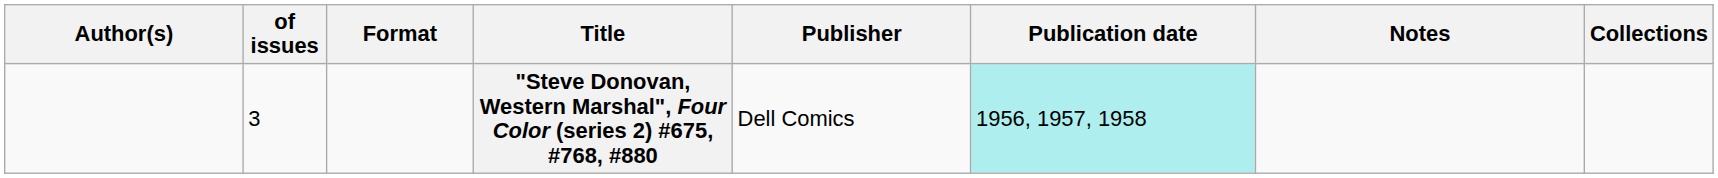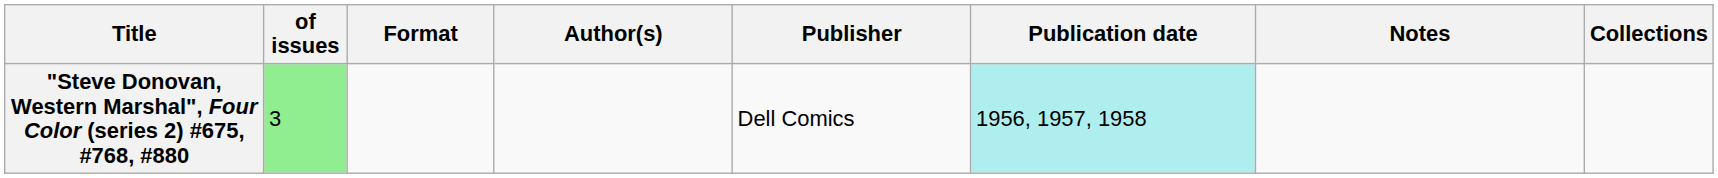 <table class="wikitable">
 <tr>
-<th style="width:125pt">Author(s)</th>
+<th>Title</th>
 <th style="width:40pt"> of issues</th>
 <th style="width:75pt">Format</th>
-<th>Title</th>
+<th style="width:125pt">Author(s)</th>
 <th style="width:125pt">Publisher</th>
 <th style="width:150pt">Publication date</th>
 <th style="width:175pt">Notes</th>
 <th>Collections</th>
 </tr>
 <tr>
+<th>"Steve Donovan, Western Marshal", <em>Four Color</em> (series 2) #675, #768, #880</th>
+<td style="background: lightgreen;">3</td>
 <td></td>
-<td>3</td>
 <td></td>
-<th>"Steve Donovan, Western Marshal", <em>Four Color</em> (series 2) #675, #768, #880</th>
 <td>Dell Comics</td>
 <td style="background: paleturquoise;">1956, 1957, 1958</td>
 <td></td>
 <td></td>
 </tr>
 </table>
